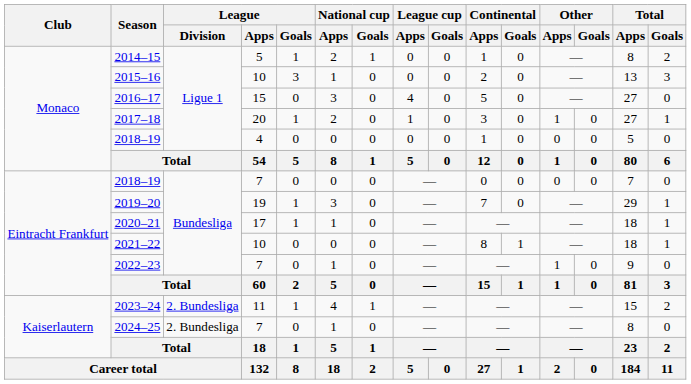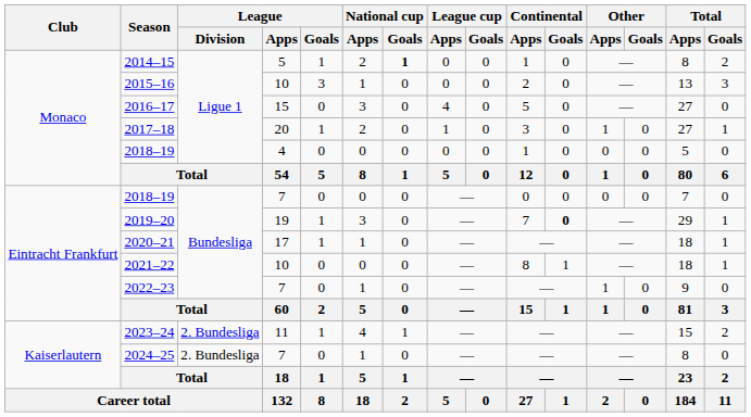 <table class="wikitable" style="text-align:center">
 <tr>
 <th rowspan="2">Club</th>
 <th rowspan="2">Season</th>
 <th colspan="3">League</th>
 <th colspan="2">National cup</th>
 <th colspan="2">League cup</th>
 <th colspan="2">Continental</th>
 <th colspan="2">Other</th>
 <th colspan="2">Total</th>
 </tr>
 <tr>
 <th>Division</th>
 <th>Apps</th>
 <th>Goals</th>
 <th>Apps</th>
 <th>Goals</th>
 <th>Apps</th>
 <th>Goals</th>
 <th>Apps</th>
 <th>Goals</th>
 <th>Apps</th>
 <th>Goals</th>
 <th>Apps</th>
 <th>Goals</th>
 </tr>
 <tr>
 <td rowspan="6"><a href='#'>Monaco</a></td>
 <td><a href='#'>2014–15</a></td>
 <td rowspan="5"><a href='#'>Ligue 1</a></td>
 <td>5</td>
 <td>1</td>
 <td>2</td>
-<td>1</td>
+<td><strong>1</strong></td>
 <td>0</td>
 <td>0</td>
 <td>1</td>
 <td>0</td>
 <td colspan="2">—</td>
 <td>8</td>
 <td>2</td>
 </tr>
 <tr>
 <td><a href='#'>2015–16</a></td>
 <td>10</td>
 <td>3</td>
 <td>1</td>
 <td>0</td>
 <td>0</td>
 <td>0</td>
 <td>2</td>
 <td>0</td>
 <td colspan="2">—</td>
 <td>13</td>
 <td>3</td>
 </tr>
 <tr>
 <td><a href='#'>2016–17</a></td>
 <td>15</td>
 <td>0</td>
 <td>3</td>
 <td>0</td>
 <td>4</td>
 <td>0</td>
 <td>5</td>
 <td>0</td>
 <td colspan="2">—</td>
 <td>27</td>
 <td>0</td>
 </tr>
 <tr>
 <td><a href='#'>2017–18</a></td>
 <td>20</td>
 <td>1</td>
 <td>2</td>
 <td>0</td>
 <td>1</td>
 <td>0</td>
 <td>3</td>
 <td>0</td>
 <td>1</td>
 <td>0</td>
 <td>27</td>
 <td>1</td>
 </tr>
 <tr>
 <td><a href='#'>2018–19</a></td>
 <td>4</td>
 <td>0</td>
 <td>0</td>
 <td>0</td>
 <td>0</td>
 <td>0</td>
 <td>1</td>
 <td>0</td>
 <td>0</td>
 <td>0</td>
 <td>5</td>
 <td>0</td>
 </tr>
 <tr>
 <th colspan="2">Total</th>
 <th>54</th>
 <th>5</th>
 <th>8</th>
 <th>1</th>
 <th>5</th>
 <th>0</th>
 <th>12</th>
 <th>0</th>
 <th>1</th>
 <th>0</th>
 <th>80</th>
 <th>6</th>
 </tr>
 <tr>
 <td rowspan="6"><a href='#'>Eintracht Frankfurt</a></td>
 <td><a href='#'>2018–19</a></td>
 <td rowspan="5"><a href='#'>Bundesliga</a></td>
 <td>7</td>
 <td>0</td>
 <td>0</td>
 <td>0</td>
 <td colspan="2">—</td>
 <td>0</td>
 <td>0</td>
 <td>0</td>
 <td>0</td>
 <td>7</td>
 <td>0</td>
 </tr>
 <tr>
 <td><a href='#'>2019–20</a></td>
 <td>19</td>
 <td>1</td>
 <td>3</td>
 <td>0</td>
 <td colspan="2">—</td>
 <td>7</td>
-<td>0</td>
+<td><strong>0</strong></td>
 <td colspan="2">—</td>
 <td>29</td>
 <td>1</td>
 </tr>
 <tr>
 <td><a href='#'>2020–21</a></td>
 <td>17</td>
 <td>1</td>
 <td>1</td>
 <td>0</td>
 <td colspan="2">—</td>
 <td colspan="2">—</td>
 <td colspan="2">—</td>
 <td>18</td>
 <td>1</td>
 </tr>
 <tr>
 <td><a href='#'>2021–22</a></td>
 <td>10</td>
 <td>0</td>
 <td>0</td>
 <td>0</td>
 <td colspan="2">—</td>
 <td>8</td>
 <td>1</td>
 <td colspan="2">—</td>
 <td>18</td>
 <td>1</td>
 </tr>
 <tr>
 <td><a href='#'>2022–23</a></td>
 <td>7</td>
 <td>0</td>
 <td>1</td>
 <td>0</td>
 <td colspan="2">—</td>
 <td colspan="2">—</td>
 <td>1</td>
 <td>0</td>
 <td>9</td>
 <td>0</td>
 </tr>
 <tr>
 <th colspan="2">Total</th>
 <th>60</th>
 <th>2</th>
 <th>5</th>
 <th>0</th>
 <th colspan="2">—</th>
 <th>15</th>
 <th>1</th>
 <th>1</th>
 <th>0</th>
 <th>81</th>
 <th>3</th>
 </tr>
 <tr>
 <td rowspan="3'"><a href='#'>Kaiserlautern</a></td>
 <td><a href='#'>2023–24</a></td>
 <td><a href='#'>2. Bundesliga</a></td>
 <td>11</td>
 <td>1</td>
 <td>4</td>
 <td>1</td>
 <td colspan="2">—</td>
 <td colspan="2">—</td>
 <td colspan="2">—</td>
 <td>15</td>
 <td>2</td>
 </tr>
 <tr>
 <td><a href='#'>2024–25</a></td>
 <td>2. Bundesliga</td>
 <td>7</td>
 <td>0</td>
 <td>1</td>
 <td>0</td>
 <td colspan="2">—</td>
 <td colspan="2">—</td>
 <td colspan="2">—</td>
 <td>8</td>
 <td>0</td>
 </tr>
 <tr>
 <th colspan="2">Total</th>
 <th>18</th>
 <th>1</th>
 <th>5</th>
 <th>1</th>
 <th colspan="2">—</th>
 <th colspan="2">—</th>
 <th colspan="2">—</th>
 <th>23</th>
 <th>2</th>
 </tr>
 <tr>
 <th colspan="3">Career total</th>
 <th>132</th>
 <th>8</th>
 <th>18</th>
 <th>2</th>
 <th>5</th>
 <th>0</th>
 <th>27</th>
 <th>1</th>
 <th>2</th>
 <th>0</th>
 <th>184</th>
 <th>11</th>
 </tr>
 </table>
